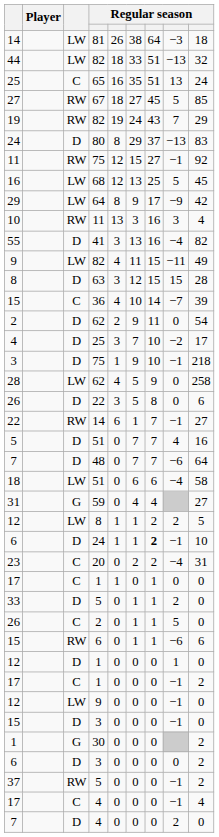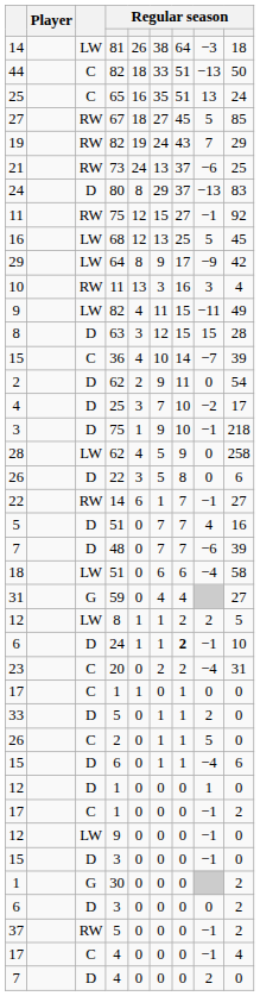 <table class="wikitable sortable plainrowheaders" style="text-align:center;">
 <tr>
 <th scope="col" data-sort-type="number" rowspan="2"></th>
 <th scope="col" rowspan="2">Player</th>
 <th scope="col" rowspan="2"></th>
 <th scope=colgroup colspan=6>Regular season</th>
 </tr>
 <tr>
 <th scope="col" data-sort-type="number"></th>
 <th scope="col" data-sort-type="number"></th>
 <th scope="col" data-sort-type="number"></th>
 <th scope="col" data-sort-type="number"></th>
 <th scope="col" data-sort-type="number"></th>
 <th scope="col" data-sort-type="number"></th>
 </tr>
 <tr>
 <td scope="row">14</td>
 <td align="left"></td>
 <td>LW</td>
 <td>81</td>
 <td>26</td>
 <td>38</td>
 <td>64</td>
 <td>−3</td>
 <td>18</td>
 </tr>
 <tr>
 <td scope="row">44</td>
 <td align="left"></td>
-<td>LW</td>
+<td>C</td>
 <td>82</td>
 <td>18</td>
 <td>33</td>
 <td>51</td>
 <td>−13</td>
-<td>32</td>
+<td>50</td>
 </tr>
 <tr>
 <td scope="row">25</td>
 <td align="left"></td>
 <td>C</td>
 <td>65</td>
 <td>16</td>
 <td>35</td>
 <td>51</td>
 <td>13</td>
 <td>24</td>
 </tr>
 <tr>
 <td scope="row">27</td>
 <td align="left"></td>
 <td>RW</td>
 <td>67</td>
 <td>18</td>
 <td>27</td>
 <td>45</td>
 <td>5</td>
 <td>85</td>
 </tr>
 <tr>
 <td scope="row">19</td>
 <td align="left"></td>
 <td>RW</td>
 <td>82</td>
 <td>19</td>
 <td>24</td>
 <td>43</td>
 <td>7</td>
 <td>29</td>
+</tr>
+<tr>
+<td scope="row">21</td>
+<td align="left"></td>
+<td>RW</td>
+<td>73</td>
+<td>24</td>
+<td>13</td>
+<td>37</td>
+<td>−6</td>
+<td>25</td>
 </tr>
 <tr>
 <td scope="row">24</td>
 <td align="left"></td>
 <td>D</td>
 <td>80</td>
 <td>8</td>
 <td>29</td>
 <td>37</td>
 <td>−13</td>
 <td>83</td>
 </tr>
 <tr>
 <td scope="row">11</td>
 <td align="left"></td>
 <td>RW</td>
 <td>75</td>
 <td>12</td>
 <td>15</td>
 <td>27</td>
 <td>−1</td>
 <td>92</td>
 </tr>
 <tr>
 <td scope="row">16</td>
 <td align="left"></td>
 <td>LW</td>
 <td>68</td>
 <td>12</td>
 <td>13</td>
 <td>25</td>
 <td>5</td>
 <td>45</td>
 </tr>
 <tr>
 <td scope="row">29</td>
 <td align="left"></td>
 <td>LW</td>
 <td>64</td>
 <td>8</td>
 <td>9</td>
 <td>17</td>
 <td>−9</td>
 <td>42</td>
 </tr>
 <tr>
 <td scope="row">10</td>
 <td align="left"></td>
 <td>RW</td>
 <td>11</td>
 <td>13</td>
 <td>3</td>
 <td>16</td>
 <td>3</td>
 <td>4</td>
-</tr>
-<tr>
-<td scope="row">55</td>
-<td align="left"></td>
-<td>D</td>
-<td>41</td>
-<td>3</td>
-<td>13</td>
-<td>16</td>
-<td>−4</td>
-<td>82</td>
 </tr>
 <tr>
 <td scope="row">9</td>
 <td align="left"></td>
 <td>LW</td>
 <td>82</td>
 <td>4</td>
 <td>11</td>
 <td>15</td>
 <td>−11</td>
 <td>49</td>
 </tr>
 <tr>
 <td scope="row">8</td>
 <td align="left"></td>
 <td>D</td>
 <td>63</td>
 <td>3</td>
 <td>12</td>
 <td>15</td>
 <td>15</td>
 <td>28</td>
 </tr>
 <tr>
 <td scope="row">15</td>
 <td align="left"></td>
 <td>C</td>
 <td>36</td>
 <td>4</td>
 <td>10</td>
 <td>14</td>
 <td>−7</td>
 <td>39</td>
 </tr>
 <tr>
 <td scope="row">2</td>
 <td align="left"></td>
 <td>D</td>
 <td>62</td>
 <td>2</td>
 <td>9</td>
 <td>11</td>
 <td>0</td>
 <td>54</td>
 </tr>
 <tr>
 <td scope="row">4</td>
 <td align="left"></td>
 <td>D</td>
 <td>25</td>
 <td>3</td>
 <td>7</td>
 <td>10</td>
 <td>−2</td>
 <td>17</td>
 </tr>
 <tr>
 <td scope="row">3</td>
 <td align="left"></td>
 <td>D</td>
 <td>75</td>
 <td>1</td>
 <td>9</td>
 <td>10</td>
 <td>−1</td>
 <td>218</td>
 </tr>
 <tr>
 <td scope="row">28</td>
 <td align="left"></td>
 <td>LW</td>
 <td>62</td>
 <td>4</td>
 <td>5</td>
 <td>9</td>
 <td>0</td>
 <td>258</td>
 </tr>
 <tr>
 <td scope="row">26</td>
 <td align="left"></td>
 <td>D</td>
 <td>22</td>
 <td>3</td>
 <td>5</td>
 <td>8</td>
 <td>0</td>
 <td>6</td>
 </tr>
 <tr>
 <td scope="row">22</td>
 <td align="left"></td>
 <td>RW</td>
 <td>14</td>
 <td>6</td>
 <td>1</td>
 <td>7</td>
 <td>−1</td>
 <td>27</td>
 </tr>
 <tr>
 <td scope="row">5</td>
 <td align="left"></td>
 <td>D</td>
 <td>51</td>
 <td>0</td>
 <td>7</td>
 <td>7</td>
 <td>4</td>
 <td>16</td>
 </tr>
 <tr>
 <td scope="row">7</td>
 <td align="left"></td>
 <td>D</td>
 <td>48</td>
 <td>0</td>
 <td>7</td>
 <td>7</td>
 <td>−6</td>
-<td>64</td>
+<td>39</td>
 </tr>
 <tr>
 <td scope="row">18</td>
 <td align="left"></td>
 <td>LW</td>
 <td>51</td>
 <td>0</td>
 <td>6</td>
 <td>6</td>
 <td>−4</td>
 <td>58</td>
 </tr>
 <tr>
 <td scope="row">31</td>
 <td align="left"></td>
 <td>G</td>
 <td>59</td>
 <td>0</td>
 <td>4</td>
 <td>4</td>
 <td style="background:#ccc"></td>
 <td>27</td>
 </tr>
 <tr>
 <td scope="row">12</td>
 <td align="left"></td>
 <td>LW</td>
 <td>8</td>
 <td>1</td>
 <td>1</td>
 <td>2</td>
 <td>2</td>
 <td>5</td>
 </tr>
 <tr>
 <td scope="row">6</td>
 <td align="left"></td>
 <td>D</td>
 <td>24</td>
 <td>1</td>
 <td>1</td>
 <td><strong>2</strong></td>
 <td>−1</td>
 <td>10</td>
 </tr>
 <tr>
 <td scope="row">23</td>
 <td align="left"></td>
 <td>C</td>
 <td>20</td>
 <td>0</td>
 <td>2</td>
 <td>2</td>
 <td>−4</td>
 <td>31</td>
 </tr>
 <tr>
 <td scope="row">17</td>
 <td align="left"></td>
 <td>C</td>
 <td>1</td>
 <td>1</td>
 <td>0</td>
 <td>1</td>
 <td>0</td>
 <td>0</td>
 </tr>
 <tr>
 <td scope="row">33</td>
 <td align="left"></td>
 <td>D</td>
 <td>5</td>
 <td>0</td>
 <td>1</td>
 <td>1</td>
 <td>2</td>
 <td>0</td>
 </tr>
 <tr>
 <td scope="row">26</td>
 <td align="left"></td>
 <td>C</td>
 <td>2</td>
 <td>0</td>
 <td>1</td>
 <td>1</td>
 <td>5</td>
 <td>0</td>
 </tr>
 <tr>
 <td scope="row">15</td>
 <td align="left"></td>
-<td>RW</td>
+<td>D</td>
 <td>6</td>
 <td>0</td>
 <td>1</td>
 <td>1</td>
-<td>−6</td>
+<td>−4</td>
 <td>6</td>
 </tr>
 <tr>
 <td scope="row">12</td>
 <td align="left"></td>
 <td>D</td>
 <td>1</td>
 <td>0</td>
 <td>0</td>
 <td>0</td>
 <td>1</td>
 <td>0</td>
 </tr>
 <tr>
 <td scope="row">17</td>
 <td align="left"></td>
 <td>C</td>
 <td>1</td>
 <td>0</td>
 <td>0</td>
 <td>0</td>
 <td>−1</td>
 <td>2</td>
 </tr>
 <tr>
 <td scope="row">12</td>
 <td align="left"></td>
 <td>LW</td>
 <td>9</td>
 <td>0</td>
 <td>0</td>
 <td>0</td>
 <td>−1</td>
 <td>0</td>
 </tr>
 <tr>
 <td scope="row">15</td>
 <td align="left"></td>
 <td>D</td>
 <td>3</td>
 <td>0</td>
 <td>0</td>
 <td>0</td>
 <td>−1</td>
 <td>0</td>
 </tr>
 <tr>
 <td scope="row">1</td>
 <td align="left"></td>
 <td>G</td>
 <td>30</td>
 <td>0</td>
 <td>0</td>
 <td>0</td>
 <td style="background:#ccc"></td>
 <td>2</td>
 </tr>
 <tr>
 <td scope="row">6</td>
 <td align="left"></td>
 <td>D</td>
 <td>3</td>
 <td>0</td>
 <td>0</td>
 <td>0</td>
 <td>0</td>
 <td>2</td>
 </tr>
 <tr>
 <td scope="row">37</td>
 <td align="left"></td>
 <td>RW</td>
 <td>5</td>
 <td>0</td>
 <td>0</td>
 <td>0</td>
 <td>−1</td>
 <td>2</td>
 </tr>
 <tr>
 <td scope="row">17</td>
 <td align="left"></td>
 <td>C</td>
 <td>4</td>
 <td>0</td>
 <td>0</td>
 <td>0</td>
 <td>−1</td>
 <td>4</td>
 </tr>
 <tr>
 <td scope="row">7</td>
 <td align="left"></td>
 <td>D</td>
 <td>4</td>
 <td>0</td>
 <td>0</td>
 <td>0</td>
 <td>2</td>
 <td>0</td>
 </tr>
 </table>
